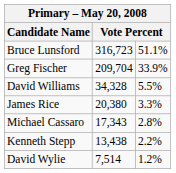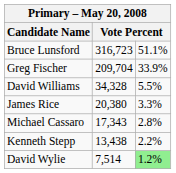 <table class="wikitable">
 <tr>
 <th colspan="3">Primary – May 20, 2008</th>
 </tr>
 <tr>
 <th>Candidate Name</th>
 <th colspan="2">Vote Percent</th>
 </tr>
 <tr>
 <td>Bruce Lunsford</td>
 <td>316,723</td>
 <td>51.1%</td>
 </tr>
 <tr>
 <td>Greg Fischer</td>
 <td>209,704</td>
 <td>33.9%</td>
 </tr>
 <tr>
 <td>David Williams</td>
 <td>34,328</td>
 <td>5.5%</td>
 </tr>
 <tr>
 <td>James Rice</td>
 <td>20,380</td>
 <td>3.3%</td>
 </tr>
 <tr>
 <td>Michael Cassaro</td>
 <td>17,343</td>
 <td>2.8%</td>
 </tr>
 <tr>
 <td>Kenneth Stepp</td>
 <td>13,438</td>
 <td>2.2%</td>
 </tr>
 <tr>
 <td>David Wylie</td>
 <td>7,514</td>
-<td>1.2%</td>
+<td style="background: lightgreen;">1.2%</td>
 </tr>
 </table>
